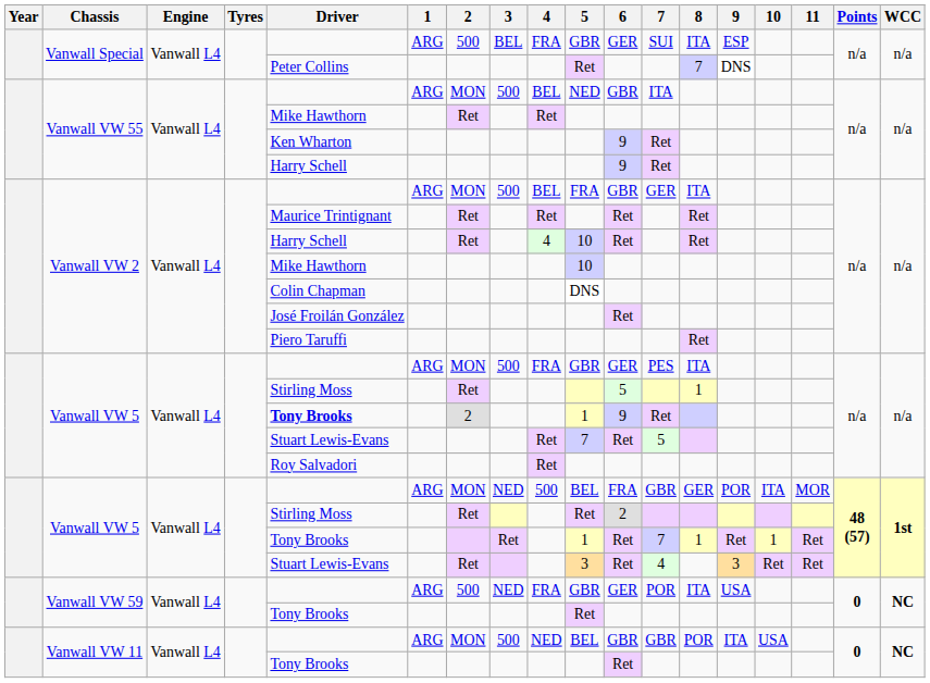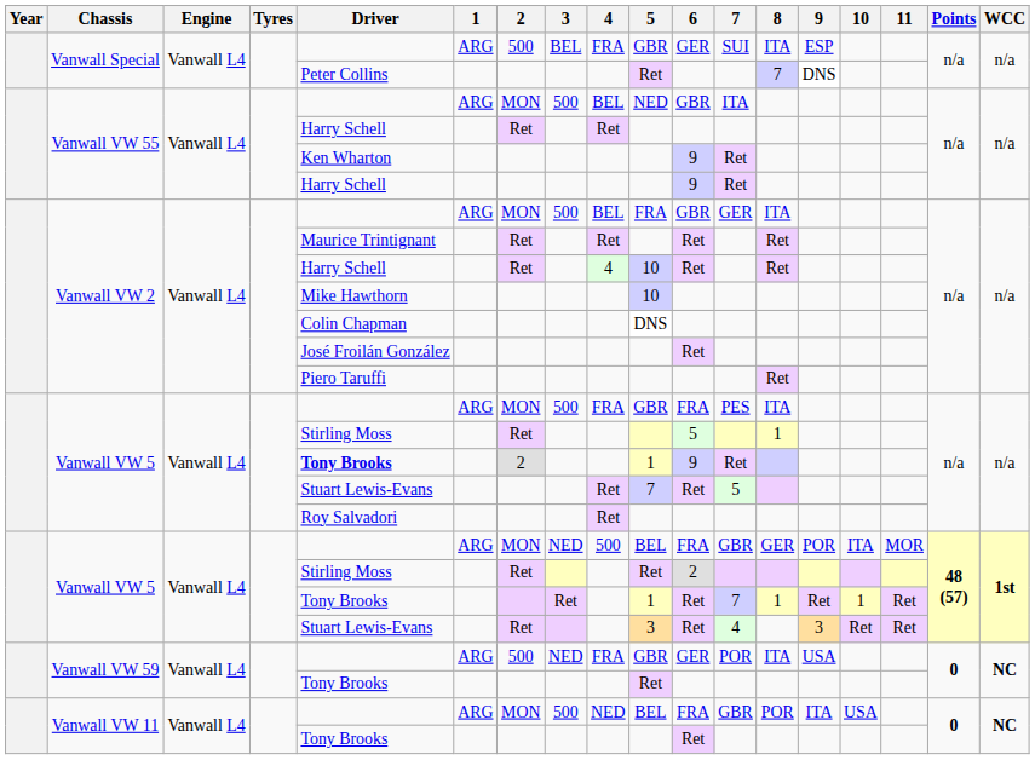 <table class="wikitable" style="text-align:center; font-size:85%; clear:both;">
 <tr>
 <th>Year</th>
 <th>Chassis</th>
 <th>Engine</th>
 <th>Tyres</th>
 <th>Driver</th>
 <th>1</th>
 <th>2</th>
 <th>3</th>
 <th>4</th>
 <th>5</th>
 <th>6</th>
 <th>7</th>
 <th>8</th>
 <th>9</th>
 <th>10</th>
 <th>11</th>
 <th><a href='#'>Points</a></th>
 <th>WCC</th>
 </tr>
 <tr>
 <th rowspan="2"></th>
 <td rowspan="2"><a href='#'>Vanwall Special</a></td>
 <td rowspan="2">Vanwall <a href='#'>L4</a></td>
 <td rowspan="2"></td>
 <td></td>
 <td><a href='#'>ARG</a></td>
 <td><a href='#'>500</a></td>
 <td><a href='#'>BEL</a></td>
 <td><a href='#'>FRA</a></td>
 <td><a href='#'>GBR</a></td>
 <td><a href='#'>GER</a></td>
 <td><a href='#'>SUI</a></td>
 <td><a href='#'>ITA</a></td>
 <td><a href='#'>ESP</a></td>
 <td></td>
 <td></td>
 <td rowspan="2">n/a</td>
 <td rowspan="2">n/a</td>
 </tr>
 <tr>
 <td align="left"> <a href='#'>Peter Collins</a></td>
 <td></td>
 <td></td>
 <td></td>
 <td></td>
 <td style="background:#EFCFFF;">Ret</td>
 <td></td>
 <td></td>
 <td style="background:#CFCFFF;">7</td>
 <td style="background:#ffffff;">DNS</td>
 <td></td>
 <td></td>
 </tr>
 <tr>
 <th rowspan="4"></th>
 <td rowspan="4"><a href='#'>Vanwall VW 55</a></td>
 <td rowspan="4">Vanwall <a href='#'>L4</a></td>
 <td rowspan="4"></td>
 <td></td>
 <td><a href='#'>ARG</a></td>
 <td><a href='#'>MON</a></td>
 <td><a href='#'>500</a></td>
 <td><a href='#'>BEL</a></td>
 <td><a href='#'>NED</a></td>
 <td><a href='#'>GBR</a></td>
 <td><a href='#'>ITA</a></td>
 <td></td>
 <td></td>
 <td></td>
 <td></td>
 <td rowspan="4">n/a</td>
 <td rowspan="4">n/a</td>
 </tr>
 <tr>
-<td align="left"> <a href='#'>Mike Hawthorn</a></td>
+<td align="left"> <a href='#'>Harry Schell</a></td>
 <td></td>
 <td style="background:#EFCFFF;">Ret</td>
 <td></td>
 <td style="background:#EFCFFF;">Ret</td>
 <td></td>
 <td></td>
 <td></td>
 <td></td>
 <td></td>
 <td></td>
 <td></td>
 </tr>
 <tr>
 <td align="left"> <a href='#'>Ken Wharton</a></td>
 <td></td>
 <td></td>
 <td></td>
 <td></td>
 <td></td>
 <td style="background:#CFCFFF;">9</td>
 <td style="background:#EFCFFF;">Ret</td>
 <td></td>
 <td></td>
 <td></td>
 <td></td>
 </tr>
 <tr>
 <td align="left"> <a href='#'>Harry Schell</a></td>
 <td></td>
 <td></td>
 <td></td>
 <td></td>
 <td></td>
 <td style="background:#CFCFFF;">9</td>
 <td style="background:#EFCFFF;">Ret</td>
 <td></td>
 <td></td>
 <td></td>
 <td></td>
 </tr>
 <tr>
 <th rowspan="7"></th>
 <td rowspan="7"><a href='#'>Vanwall VW 2</a></td>
 <td rowspan="7">Vanwall <a href='#'>L4</a></td>
 <td rowspan="7"></td>
 <td></td>
 <td><a href='#'>ARG</a></td>
 <td><a href='#'>MON</a></td>
 <td><a href='#'>500</a></td>
 <td><a href='#'>BEL</a></td>
 <td><a href='#'>FRA</a></td>
 <td><a href='#'>GBR</a></td>
 <td><a href='#'>GER</a></td>
 <td><a href='#'>ITA</a></td>
 <td></td>
 <td></td>
 <td></td>
 <td rowspan="7">n/a</td>
 <td rowspan="7">n/a</td>
 </tr>
 <tr>
 <td align="left"> <a href='#'>Maurice Trintignant</a></td>
 <td></td>
 <td style="background:#EFCFFF;">Ret</td>
 <td></td>
 <td style="background:#EFCFFF;">Ret</td>
 <td></td>
 <td style="background:#EFCFFF;">Ret</td>
 <td></td>
 <td style="background:#EFCFFF;">Ret</td>
 <td></td>
 <td></td>
 <td></td>
 </tr>
 <tr>
 <td align="left"> <a href='#'>Harry Schell</a></td>
 <td></td>
 <td style="background:#EFCFFF;">Ret</td>
 <td></td>
 <td style="background:#DFFFDF;">4</td>
 <td style="background:#CFCFFF;">10</td>
 <td style="background:#EFCFFF;">Ret</td>
 <td></td>
 <td style="background:#EFCFFF;">Ret</td>
 <td></td>
 <td></td>
 <td></td>
 </tr>
 <tr>
 <td align="left"> <a href='#'>Mike Hawthorn</a></td>
 <td></td>
 <td></td>
 <td></td>
 <td></td>
 <td style="background:#CFCFFF;">10</td>
 <td></td>
 <td></td>
 <td></td>
 <td></td>
 <td></td>
 <td></td>
 </tr>
 <tr>
 <td align="left"> <a href='#'>Colin Chapman</a></td>
 <td></td>
 <td></td>
 <td></td>
 <td></td>
 <td style="background:#ffffff;">DNS</td>
 <td></td>
 <td></td>
 <td></td>
 <td></td>
 <td></td>
 <td></td>
 </tr>
 <tr>
 <td align="left"> <a href='#'>José Froilán González</a></td>
 <td></td>
 <td></td>
 <td></td>
 <td></td>
 <td></td>
 <td style="background:#EFCFFF;">Ret</td>
 <td></td>
 <td></td>
 <td></td>
 <td></td>
 <td></td>
 </tr>
 <tr>
 <td align="left"> <a href='#'>Piero Taruffi</a></td>
 <td></td>
 <td></td>
 <td></td>
 <td></td>
 <td></td>
 <td></td>
 <td></td>
 <td style="background:#EFCFFF;">Ret</td>
 <td></td>
 <td></td>
 <td></td>
 </tr>
 <tr>
 <th rowspan="5"></th>
 <td rowspan="5"><a href='#'>Vanwall VW 5</a></td>
 <td rowspan="5">Vanwall <a href='#'>L4</a></td>
 <td rowspan="5"></td>
 <td></td>
 <td><a href='#'>ARG</a></td>
 <td><a href='#'>MON</a></td>
 <td><a href='#'>500</a></td>
 <td><a href='#'>FRA</a></td>
 <td><a href='#'>GBR</a></td>
-<td><a href='#'>GER</a></td>
+<td><a href='#'>FRA</a></td>
 <td><a href='#'>PES</a></td>
 <td><a href='#'>ITA</a></td>
 <td></td>
 <td></td>
 <td></td>
 <td rowspan="5">n/a</td>
 <td rowspan="5">n/a</td>
 </tr>
 <tr>
 <td align="left"> <a href='#'>Stirling Moss</a></td>
 <td></td>
 <td style="background:#EFCFFF;">Ret</td>
 <td></td>
 <td></td>
 <td style="background:#FFFFBF;"></td>
 <td style="background:#DFFFDF;">5</td>
 <td style="background:#FFFFBF;"></td>
 <td style="background:#FFFFBF;">1</td>
 <td></td>
 <td></td>
 <td></td>
 </tr>
 <tr>
 <td align="left"><strong> <a href='#'>Tony Brooks</a></strong></td>
 <td></td>
 <td style="background:#DFDFDF;">2</td>
 <td></td>
 <td></td>
 <td style="background:#FFFFBF;">1</td>
 <td style="background:#CFCFFF;">9</td>
 <td style="background:#EFCFFF;">Ret</td>
 <td style="background:#CFCFFF;"></td>
 <td></td>
 <td></td>
 <td></td>
 </tr>
 <tr>
 <td align="left"> <a href='#'>Stuart Lewis-Evans</a></td>
 <td></td>
 <td></td>
 <td></td>
 <td style="background:#EFCFFF;">Ret</td>
 <td style="background:#CFCFFF;">7</td>
 <td style="background:#EFCFFF;">Ret</td>
 <td style="background:#DFFFDF;">5</td>
 <td style="background:#EFCFFF;"></td>
 <td></td>
 <td></td>
 <td></td>
 </tr>
 <tr>
 <td align="left"> <a href='#'>Roy Salvadori</a></td>
 <td></td>
 <td></td>
 <td></td>
 <td style="background:#EFCFFF;">Ret</td>
 <td></td>
 <td></td>
 <td></td>
 <td></td>
 <td></td>
 <td></td>
 <td></td>
 </tr>
 <tr>
 <th rowspan="4"></th>
 <td rowspan="4"><a href='#'>Vanwall VW 5</a></td>
 <td rowspan="4">Vanwall <a href='#'>L4</a></td>
 <td rowspan="4"></td>
 <td></td>
 <td><a href='#'>ARG</a></td>
 <td><a href='#'>MON</a></td>
 <td><a href='#'>NED</a></td>
 <td><a href='#'>500</a></td>
 <td><a href='#'>BEL</a></td>
 <td><a href='#'>FRA</a></td>
 <td><a href='#'>GBR</a></td>
 <td><a href='#'>GER</a></td>
 <td><a href='#'>POR</a></td>
 <td><a href='#'>ITA</a></td>
 <td><a href='#'>MOR</a></td>
 <td rowspan="4" style="background:#FFFFBF;"><strong>48<br>(57)</strong></td>
 <td rowspan="4" style="background:#FFFFBF;"><strong>1st</strong></td>
 </tr>
 <tr>
 <td align="left"> <a href='#'>Stirling Moss</a></td>
 <td></td>
 <td style="background:#EFCFFF;">Ret</td>
 <td style="background:#FFFFBF;"></td>
 <td></td>
 <td style="background:#EFCFFF;">Ret</td>
 <td style="background:#DFDFDF;">2</td>
 <td style="background:#EFCFFF;"></td>
 <td style="background:#EFCFFF;"></td>
 <td style="background:#FFFFBF;"></td>
 <td style="background:#EFCFFF;"></td>
 <td style="background:#FFFFBF;"></td>
 </tr>
 <tr>
 <td align="left"> <a href='#'>Tony Brooks</a></td>
 <td></td>
 <td style="background:#EFCFFF;"></td>
 <td style="background:#EFCFFF;">Ret</td>
 <td></td>
 <td style="background:#FFFFBF;">1</td>
 <td style="background:#EFCFFF;">Ret</td>
 <td style="background:#CFCFFF;">7</td>
 <td style="background:#FFFFBF;">1</td>
 <td style="background:#EFCFFF;">Ret</td>
 <td style="background:#FFFFBF;">1</td>
 <td style="background:#EFCFFF;">Ret</td>
 </tr>
 <tr>
 <td align="left"> <a href='#'>Stuart Lewis-Evans</a></td>
 <td></td>
 <td style="background:#EFCFFF;">Ret</td>
 <td style="background:#EFCFFF;"></td>
 <td></td>
 <td style="background:#FFDF9F;">3</td>
 <td style="background:#EFCFFF;">Ret</td>
 <td style="background:#DFFFDF;">4</td>
 <td></td>
 <td style="background:#FFDF9F;">3</td>
 <td style="background:#EFCFFF;">Ret</td>
 <td style="background:#EFCFFF;">Ret</td>
 </tr>
 <tr>
 <th rowspan="2"></th>
 <td rowspan="2"><a href='#'>Vanwall VW 59</a></td>
 <td rowspan="2">Vanwall <a href='#'>L4</a></td>
 <td rowspan="2"></td>
 <td></td>
 <td><a href='#'>ARG</a></td>
 <td><a href='#'>500</a></td>
 <td><a href='#'>NED</a></td>
 <td><a href='#'>FRA</a></td>
 <td><a href='#'>GBR</a></td>
 <td><a href='#'>GER</a></td>
 <td><a href='#'>POR</a></td>
 <td><a href='#'>ITA</a></td>
 <td><a href='#'>USA</a></td>
 <td></td>
 <td></td>
 <td rowspan="2"><strong>0</strong></td>
 <td rowspan="2"><strong>NC</strong></td>
 </tr>
 <tr>
 <td align="left"> <a href='#'>Tony Brooks</a></td>
 <td></td>
 <td></td>
 <td></td>
 <td></td>
 <td style="background:#EFCFFF;">Ret</td>
 <td></td>
 <td></td>
 <td></td>
 <td></td>
 <td></td>
 <td></td>
 </tr>
 <tr>
 <th rowspan="2"></th>
 <td rowspan="2"><a href='#'>Vanwall VW 11</a></td>
 <td rowspan="2">Vanwall <a href='#'>L4</a></td>
 <td rowspan="2"></td>
 <td></td>
 <td><a href='#'>ARG</a></td>
 <td><a href='#'>MON</a></td>
 <td><a href='#'>500</a></td>
 <td><a href='#'>NED</a></td>
 <td><a href='#'>BEL</a></td>
-<td><a href='#'>GBR</a></td>
+<td><a href='#'>FRA</a></td>
 <td><a href='#'>GBR</a></td>
 <td><a href='#'>POR</a></td>
 <td><a href='#'>ITA</a></td>
 <td><a href='#'>USA</a></td>
 <td></td>
 <td rowspan="2"><strong>0</strong></td>
 <td rowspan="2"><strong>NC</strong></td>
 </tr>
 <tr>
 <td align="left"> <a href='#'>Tony Brooks</a></td>
 <td></td>
 <td></td>
 <td></td>
 <td></td>
 <td></td>
 <td style="background:#EFCFFF;">Ret</td>
 <td></td>
 <td></td>
 <td></td>
 <td></td>
 <td></td>
 </tr>
 </table>
